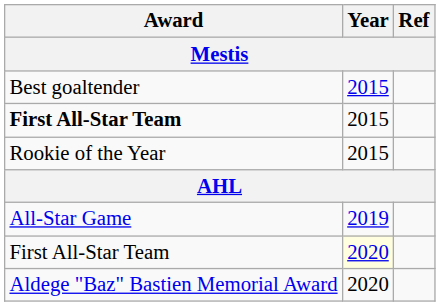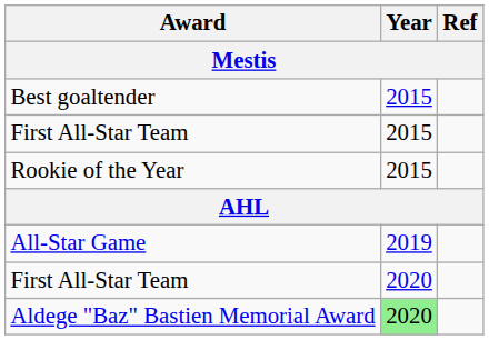 <table class="wikitable">
 <tr>
 <th>Award</th>
 <th>Year</th>
 <th>Ref</th>
 </tr>
 <tr>
 <th colspan="3"><a href='#'>Mestis</a></th>
 </tr>
 <tr>
 <td>Best goaltender</td>
 <td><a href='#'>2015</a></td>
 <td></td>
 </tr>
 <tr>
-<td><strong>First All-Star Team</strong></td>
+<td>First All-Star Team</td>
 <td>2015</td>
 <td></td>
 </tr>
 <tr>
 <td>Rookie of the Year</td>
 <td>2015</td>
 <td></td>
 </tr>
 <tr>
 <th colspan="3"><a href='#'>AHL</a></th>
 </tr>
 <tr>
 <td><a href='#'>All-Star Game</a></td>
 <td><a href='#'>2019</a></td>
 <td></td>
 </tr>
 <tr>
 <td>First All-Star Team</td>
-<td style="background: lightyellow;"><a href='#'>2020</a></td>
+<td><a href='#'>2020</a></td>
 <td></td>
 </tr>
 <tr>
 <td><a href='#'>Aldege "Baz" Bastien Memorial Award</a></td>
-<td>2020</td>
+<td style="background: lightgreen;">2020</td>
 <td></td>
 </tr>
 </table>
